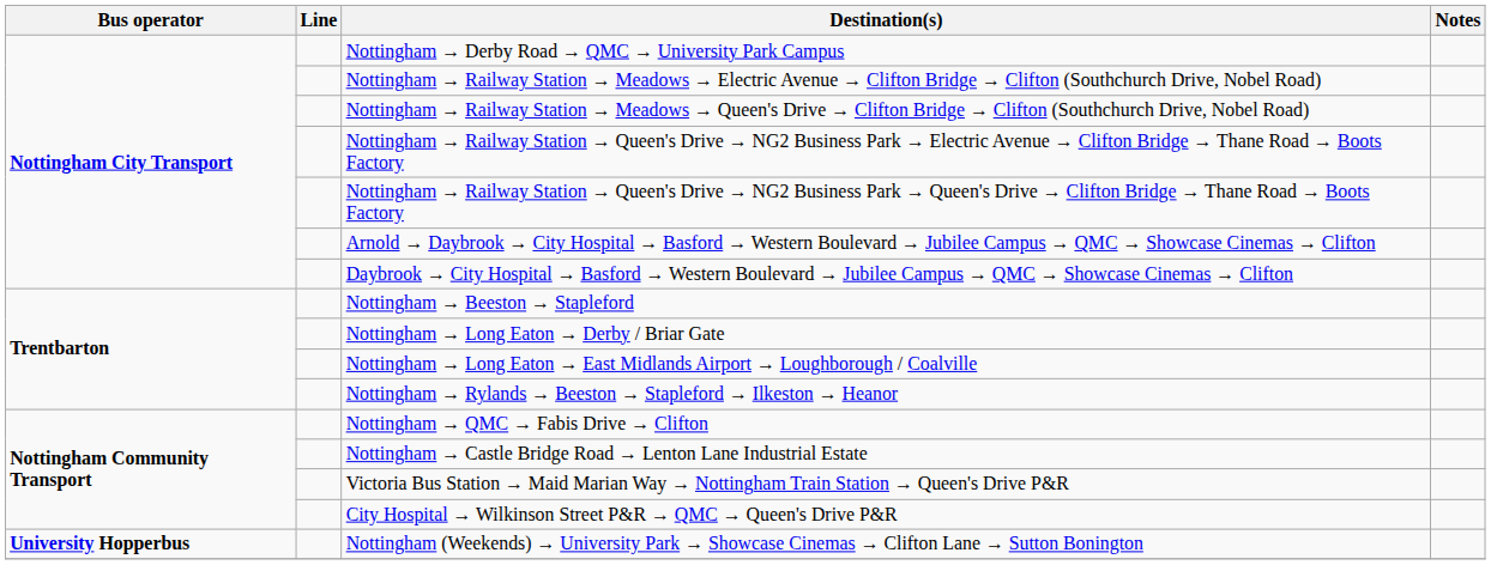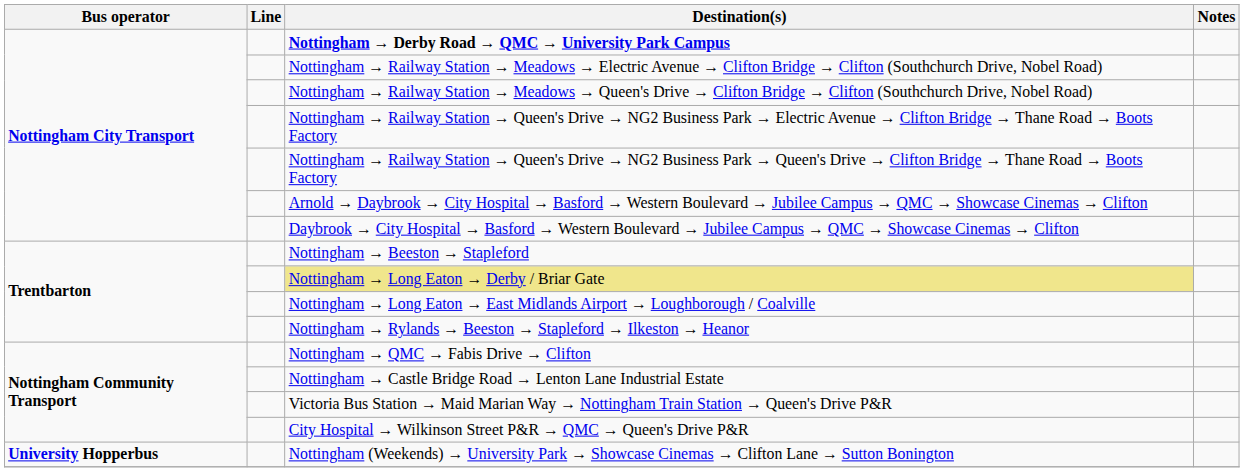 <table class="wikitable">
 <tr>
 <th>Bus operator</th>
 <th>Line</th>
 <th>Destination(s)</th>
 <th>Notes</th>
 </tr>
 <tr>
 <td rowspan="7"><strong><a href='#'>Nottingham City Transport</a></strong></td>
 <td><strong></strong></td>
-<td><a href='#'>Nottingham</a> → Derby Road → <a href='#'>QMC</a> → <a href='#'>University Park Campus</a></td>
+<td><strong><a href='#'>Nottingham</a> → Derby Road → <a href='#'>QMC</a> → <a href='#'>University Park Campus</a></strong></td>
 <td></td>
 </tr>
 <tr>
 <td><strong></strong></td>
 <td><a href='#'>Nottingham</a> → <a href='#'>Railway Station</a> → <a href='#'>Meadows</a> → Electric Avenue → <a href='#'>Clifton Bridge</a> → <a href='#'>Clifton</a> (Southchurch Drive, Nobel Road)</td>
 <td></td>
 </tr>
 <tr>
 <td><strong></strong></td>
 <td><a href='#'>Nottingham</a> → <a href='#'>Railway Station</a> → <a href='#'>Meadows</a> → Queen's Drive → <a href='#'>Clifton Bridge</a> → <a href='#'>Clifton</a> (Southchurch Drive, Nobel Road)</td>
 <td></td>
 </tr>
 <tr>
 <td><strong></strong></td>
 <td><a href='#'>Nottingham</a> → <a href='#'>Railway Station</a> → Queen's Drive → NG2 Business Park → Electric Avenue → <a href='#'>Clifton Bridge</a> → Thane Road → <a href='#'>Boots Factory</a></td>
 <td></td>
 </tr>
 <tr>
 <td><strong></strong></td>
 <td><a href='#'>Nottingham</a> → <a href='#'>Railway Station</a> → Queen's Drive → NG2 Business Park → Queen's Drive → <a href='#'>Clifton Bridge</a> → Thane Road → <a href='#'>Boots Factory</a></td>
 <td></td>
 </tr>
 <tr>
 <td><strong></strong></td>
 <td><a href='#'>Arnold</a> → <a href='#'>Daybrook</a> → <a href='#'>City Hospital</a> → <a href='#'>Basford</a> → Western Boulevard → <a href='#'>Jubilee Campus</a> → <a href='#'>QMC</a> → <a href='#'>Showcase Cinemas</a> → <a href='#'>Clifton</a></td>
 <td></td>
 </tr>
 <tr>
 <td><strong></strong></td>
 <td><a href='#'>Daybrook</a> → <a href='#'>City Hospital</a> → <a href='#'>Basford</a> → Western Boulevard → <a href='#'>Jubilee Campus</a> → <a href='#'>QMC</a> → <a href='#'>Showcase Cinemas</a> → <a href='#'>Clifton</a></td>
 <td></td>
 </tr>
 <tr>
 <td rowspan="4"><strong>Trentbarton</strong></td>
 <td><strong></strong></td>
 <td><a href='#'>Nottingham</a> → <a href='#'>Beeston</a> → <a href='#'>Stapleford</a></td>
 <td></td>
 </tr>
 <tr>
 <td><strong></strong></td>
-<td><a href='#'>Nottingham</a> → <a href='#'>Long Eaton</a> → <a href='#'>Derby</a> / Briar Gate</td>
+<td style="background: khaki;"><a href='#'>Nottingham</a> → <a href='#'>Long Eaton</a> → <a href='#'>Derby</a> / Briar Gate</td>
 <td></td>
 </tr>
 <tr>
 <td><strong></strong></td>
 <td><a href='#'>Nottingham</a> → <a href='#'>Long Eaton</a> → <a href='#'>East Midlands Airport</a> → <a href='#'>Loughborough</a> / <a href='#'>Coalville</a></td>
 <td></td>
 </tr>
 <tr>
 <td><strong></strong></td>
 <td><a href='#'>Nottingham</a> → <a href='#'>Rylands</a> → <a href='#'>Beeston</a> → <a href='#'>Stapleford</a> → <a href='#'>Ilkeston</a> → <a href='#'>Heanor</a></td>
 <td></td>
 </tr>
 <tr>
 <td rowspan="4"><strong>Nottingham Community Transport</strong></td>
 <td><strong></strong></td>
 <td><a href='#'>Nottingham</a> → <a href='#'>QMC</a> → Fabis Drive → <a href='#'>Clifton</a></td>
 <td></td>
 </tr>
 <tr>
 <td><strong></strong></td>
 <td><a href='#'>Nottingham</a> → Castle Bridge Road → Lenton Lane Industrial Estate</td>
 <td></td>
 </tr>
 <tr>
 <td><strong></strong></td>
 <td>Victoria Bus Station → Maid Marian Way → <a href='#'>Nottingham Train Station</a> → Queen's Drive P&R</td>
 <td></td>
 </tr>
 <tr>
 <td><strong></strong></td>
 <td><a href='#'>City Hospital</a> → Wilkinson Street P&R → <a href='#'>QMC</a> → Queen's Drive P&R</td>
 <td></td>
 </tr>
 <tr>
 <td><strong><a href='#'>University</a> Hopperbus</strong></td>
 <td><strong></strong></td>
 <td><a href='#'>Nottingham</a> (Weekends) → <a href='#'>University Park</a> → <a href='#'>Showcase Cinemas</a> → Clifton Lane → <a href='#'>Sutton Bonington</a></td>
 <td></td>
 </tr>
 <tr>
 </tr>
 </table>
